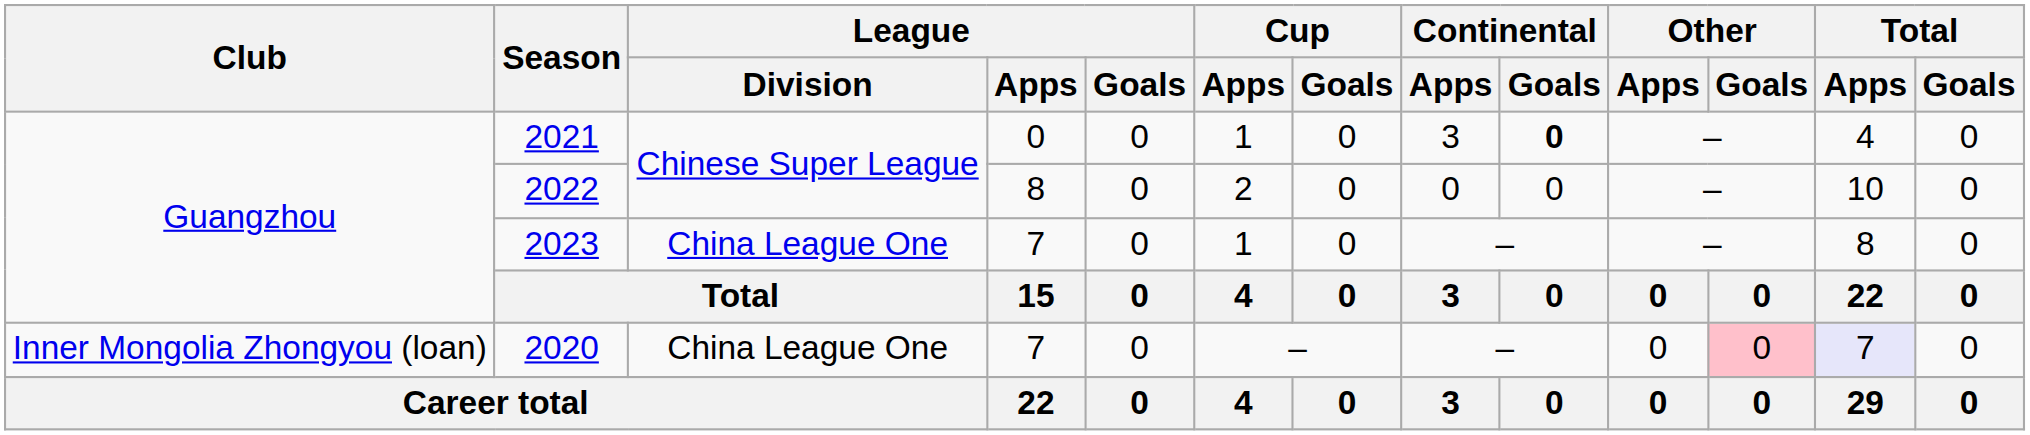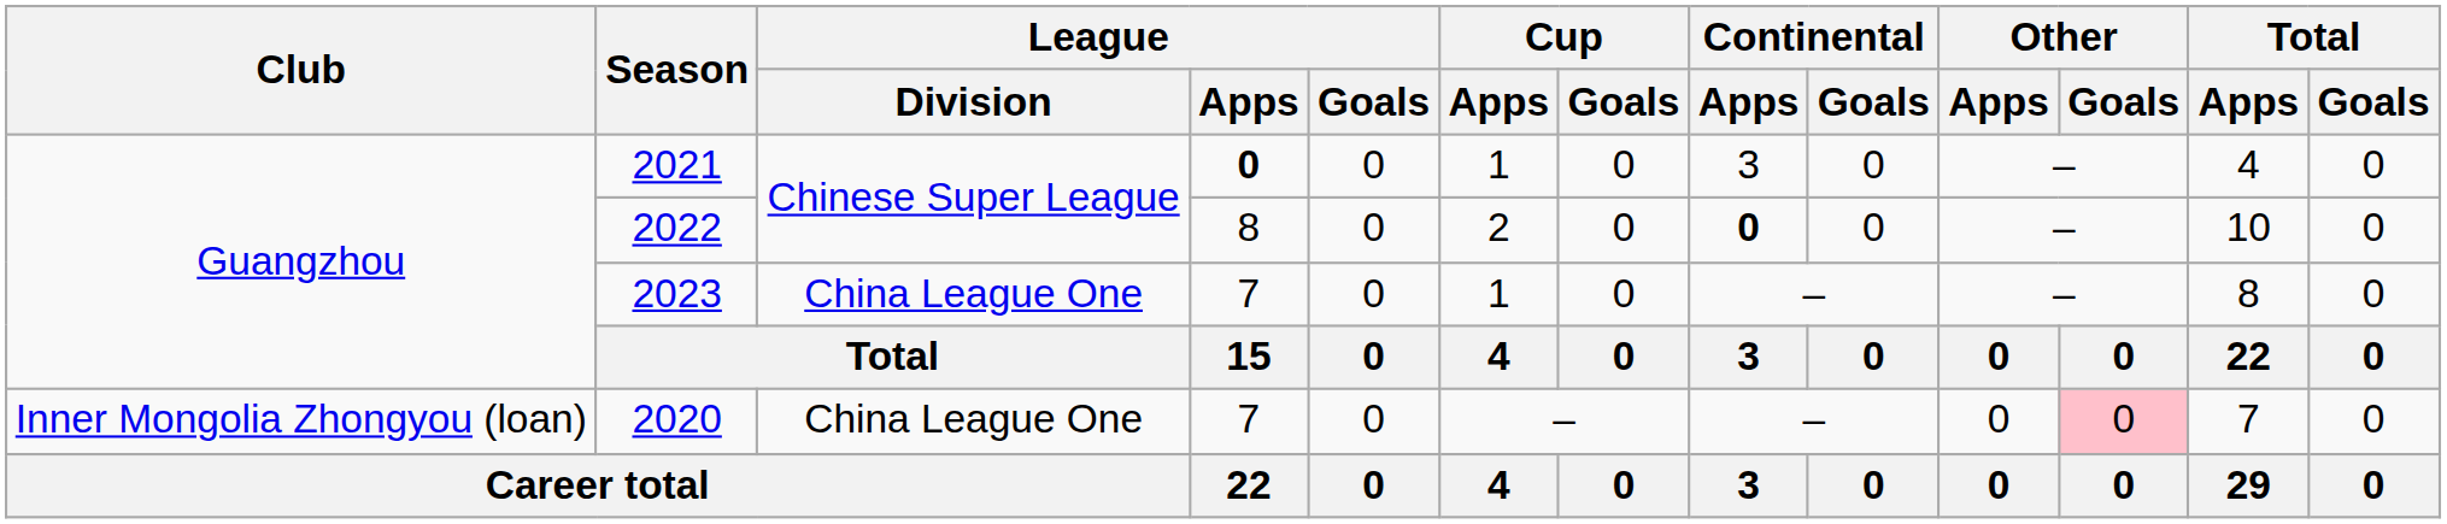 <table class="wikitable" style="text-align: center">
 <tr>
 <th rowspan="2">Club</th>
 <th rowspan="2">Season</th>
 <th colspan="3">League</th>
 <th colspan="2">Cup</th>
 <th colspan="2">Continental</th>
 <th colspan="2">Other</th>
 <th colspan="2">Total</th>
 </tr>
 <tr>
 <th>Division</th>
 <th>Apps</th>
 <th>Goals</th>
 <th>Apps</th>
 <th>Goals</th>
 <th>Apps</th>
 <th>Goals</th>
 <th>Apps</th>
 <th>Goals</th>
 <th>Apps</th>
 <th>Goals</th>
 </tr>
 <tr>
 <td rowspan="4"><a href='#'>Guangzhou</a></td>
 <td><a href='#'>2021</a></td>
 <td rowspan="2"><a href='#'>Chinese Super League</a></td>
-<td>0</td>
+<td><strong>0</strong></td>
 <td>0</td>
 <td>1</td>
 <td>0</td>
 <td>3</td>
-<td><strong>0</strong></td>
+<td>0</td>
 <td colspan="2">–</td>
 <td>4</td>
 <td>0</td>
 </tr>
 <tr>
 <td><a href='#'>2022</a></td>
 <td>8</td>
 <td>0</td>
 <td>2</td>
 <td>0</td>
-<td>0</td>
+<td><strong>0</strong></td>
 <td>0</td>
 <td colspan="2">–</td>
 <td>10</td>
 <td>0</td>
 </tr>
 <tr>
 <td><a href='#'>2023</a></td>
 <td><a href='#'>China League One</a></td>
 <td>7</td>
 <td>0</td>
 <td>1</td>
 <td>0</td>
 <td colspan="2">–</td>
 <td colspan="2">–</td>
 <td>8</td>
 <td>0</td>
 </tr>
 <tr>
 <th colspan=2>Total</th>
 <th>15</th>
 <th>0</th>
 <th>4</th>
 <th>0</th>
 <th>3</th>
 <th>0</th>
 <th>0</th>
 <th>0</th>
 <th>22</th>
 <th>0</th>
 </tr>
 <tr>
 <td><a href='#'>Inner Mongolia Zhongyou</a> (loan)</td>
 <td><a href='#'>2020</a></td>
 <td>China League One</td>
 <td>7</td>
 <td>0</td>
 <td colspan="2">–</td>
 <td colspan="2">–</td>
 <td>0</td>
 <td style="background: pink;">0</td>
-<td style="background: lavender;">7</td>
+<td>7</td>
 <td>0</td>
 </tr>
 <tr>
 <th colspan=3>Career total</th>
 <th>22</th>
 <th>0</th>
 <th>4</th>
 <th>0</th>
 <th>3</th>
 <th>0</th>
 <th>0</th>
 <th>0</th>
 <th>29</th>
 <th>0</th>
 </tr>
 </table>
